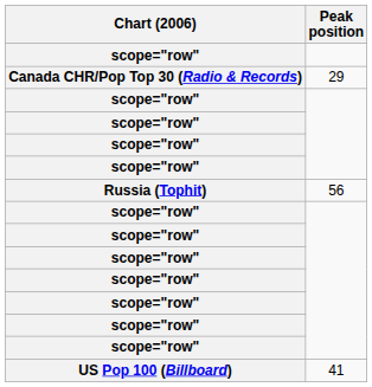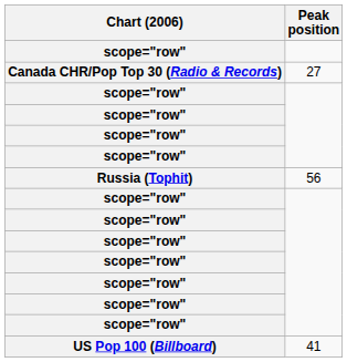 <table class="wikitable sortable plainrowheaders" style="text-align:center">
 <tr>
 <th scope="col">Chart (2006)</th>
 <th scope="col">Peak<br>position</th>
 </tr>
 <tr>
 <th>scope="row"</th>
 </tr>
 <tr>
 <th scope="row">Canada CHR/Pop Top 30 (<em><a href='#'>Radio & Records</a></em>)</th>
-<td>29</td>
+<td>27</td>
 </tr>
 <tr>
 <th>scope="row"</th>
 </tr>
 <tr>
 <th>scope="row"</th>
 </tr>
 <tr>
 <th>scope="row"</th>
 </tr>
 <tr>
 <th>scope="row"</th>
 </tr>
 <tr>
 <th scope="row">Russia (<a href='#'>Tophit</a>)</th>
 <td align="center">56</td>
 </tr>
 <tr>
 <th>scope="row"</th>
 </tr>
 <tr>
 <th>scope="row"</th>
 </tr>
 <tr>
 <th>scope="row"</th>
 </tr>
 <tr>
 <th>scope="row"</th>
 </tr>
 <tr>
 <th>scope="row"</th>
 </tr>
 <tr>
 <th>scope="row"</th>
 </tr>
 <tr>
 <th>scope="row"</th>
 </tr>
 <tr>
 <th scope="row">US <a href='#'>Pop 100</a> (<em><a href='#'>Billboard</a></em>)</th>
 <td align="center">41</td>
 </tr>
 </table>
